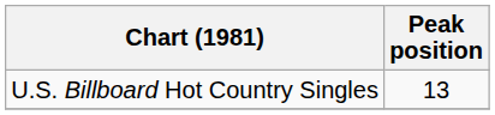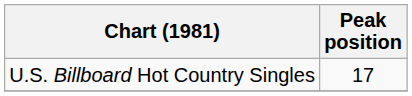 <table class="wikitable sortable">
 <tr>
 <th align="left">Chart (1981)</th>
 <th align="center">Peak<br>position</th>
 </tr>
 <tr>
 <td align="left">U.S. <em>Billboard</em> Hot Country Singles</td>
-<td align="center">13</td>
+<td align="center">17</td>
 </tr>
 <tr>
 </tr>
 </table>
